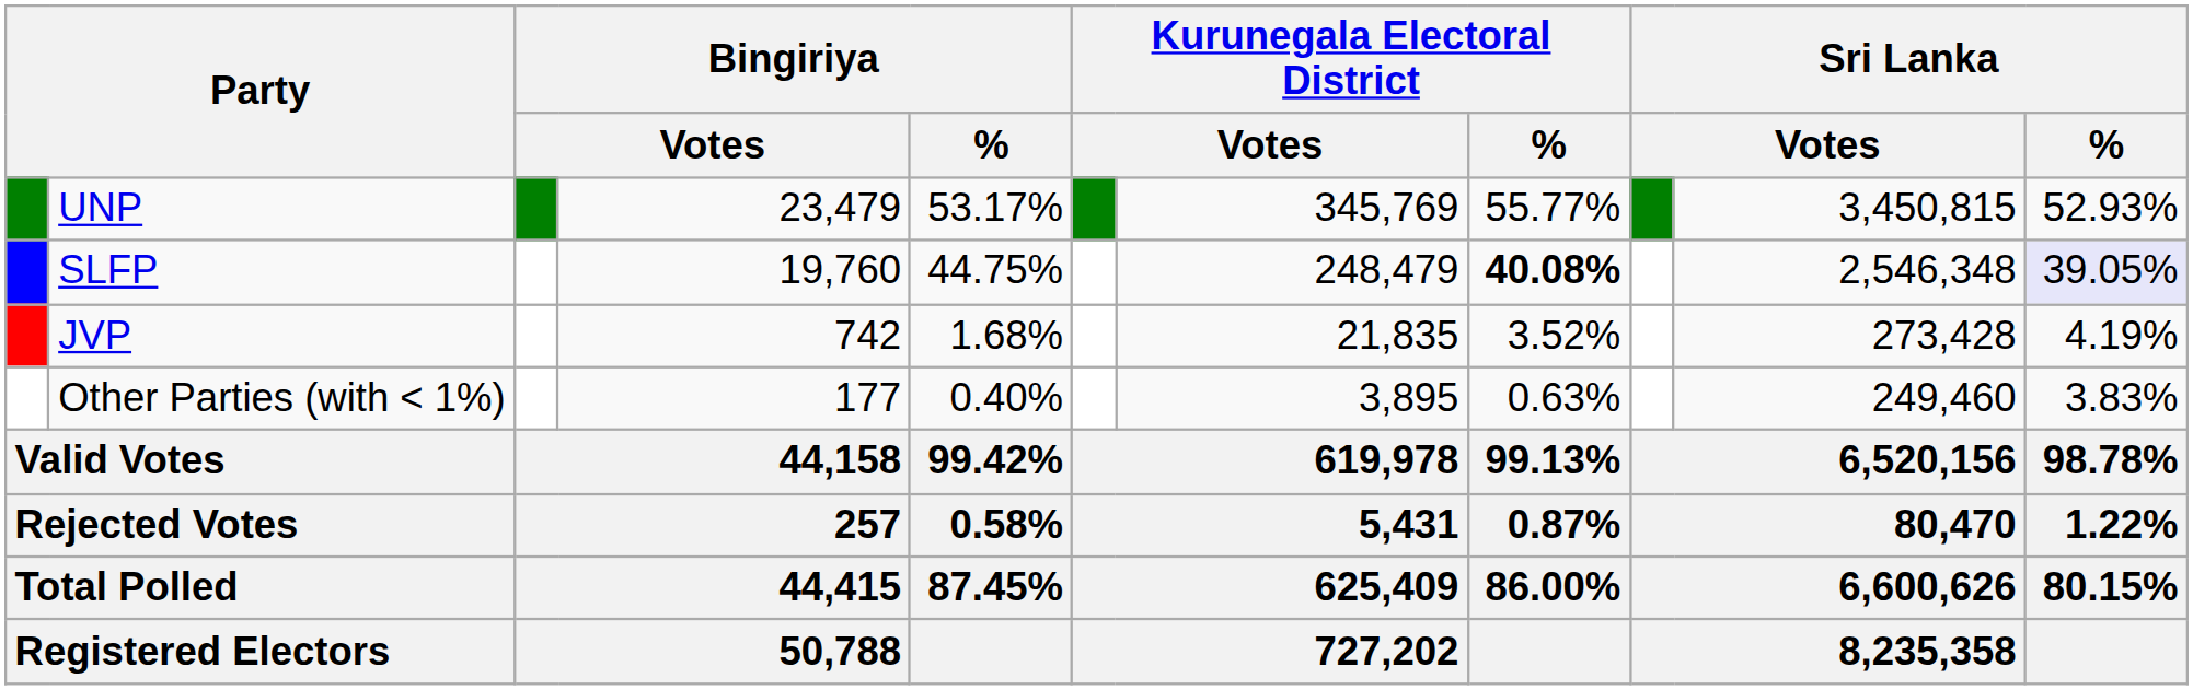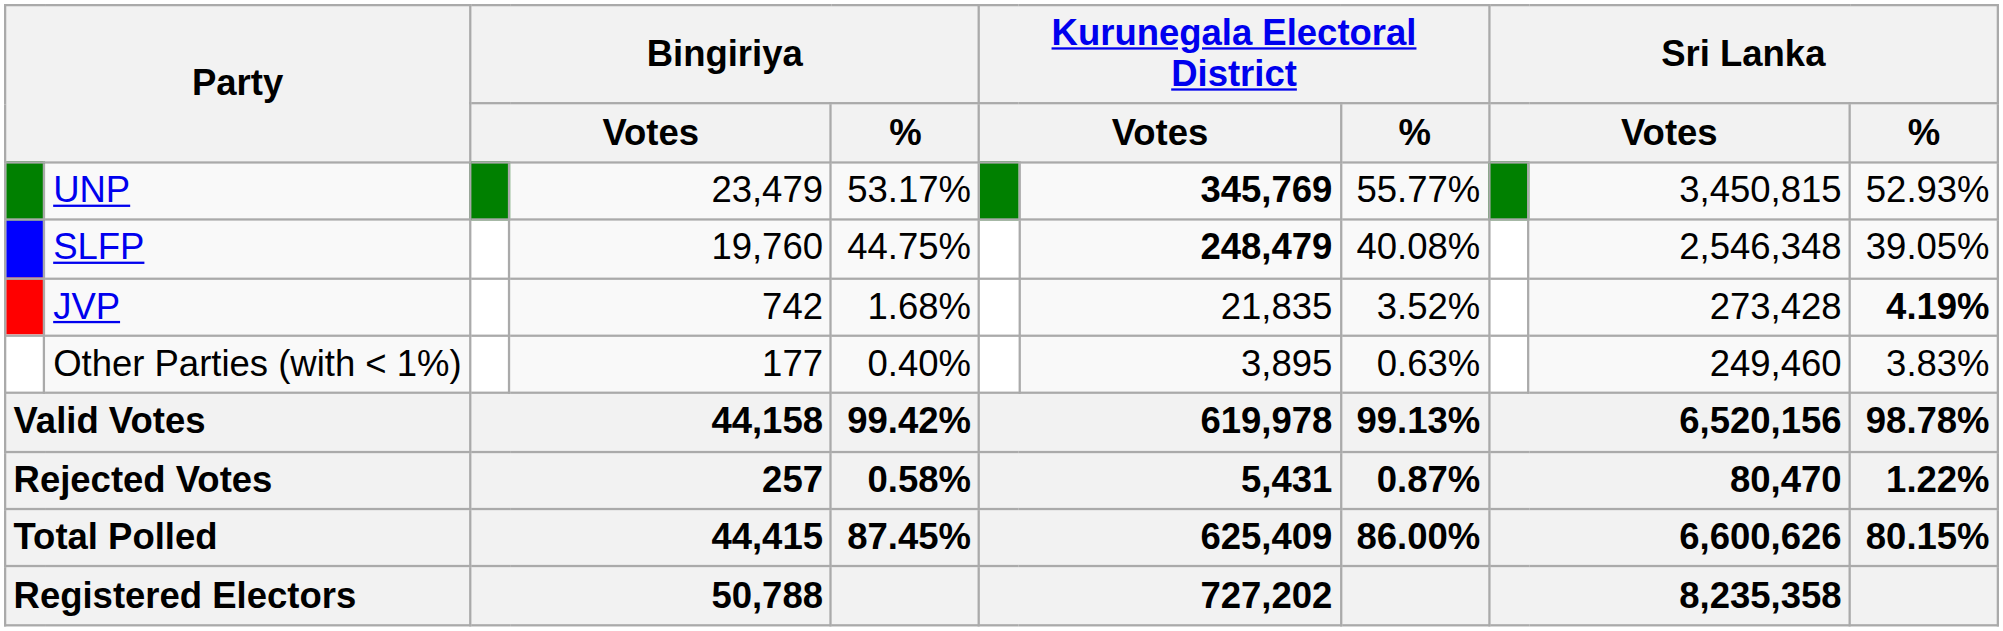 <table class="wikitable">
 <tr>
 <th colspan="2" width="144px"rowspan="2">Party</th>
 <th colspan="3" width="216px">Bingiriya</th>
 <th colspan="3" width="216px"><a href='#'>Kurunegala Electoral District</a></th>
 <th colspan="3" width="216px">Sri Lanka</th>
 </tr>
 <tr>
 <th colspan="2" width="144px">Votes</th>
 <th>%</th>
 <th colspan="2" width="144px">Votes</th>
 <th>%</th>
 <th colspan="2" width="144px">Votes</th>
 <th>%</th>
 </tr>
 <tr>
 <td style="background-color:green;" width="10px"></td>
 <td style="text-align:left;"><a href='#'>UNP</a></td>
 <td style="background-color:green;" width="10px"></td>
 <td style="text-align:right;">23,479</td>
 <td style="text-align:right;">53.17%</td>
 <td style="background-color:green;" width="10px"></td>
-<td style="text-align:right;">345,769</td>
+<td style="text-align:right;"><strong>345,769</strong></td>
 <td style="text-align:right;">55.77%</td>
 <td style="background-color:green;" width="10px"></td>
 <td style="text-align:right;">3,450,815</td>
 <td style="text-align:right;">52.93%</td>
 </tr>
 <tr>
 <td style="background-color:blue;" width="10px"></td>
 <td style="text-align:left;"><a href='#'>SLFP</a></td>
 <td style="background-color:white;" width="10px"></td>
 <td style="text-align:right;">19,760</td>
 <td style="text-align:right;">44.75%</td>
 <td style="background-color:white;" width="10px"></td>
-<td style="text-align:right;">248,479</td>
-<td style="text-align:right;"><strong>40.08%</strong></td>
+<td style="text-align:right;"><strong>248,479</strong></td>
+<td style="text-align:right;">40.08%</td>
 <td style="background-color:white;" width="10px"></td>
 <td style="text-align:right;">2,546,348</td>
-<td style="background: lavender; text-align:right;">39.05%</td>
+<td style="text-align:right;">39.05%</td>
 </tr>
 <tr>
 <td style="background-color:red;" width="10px"></td>
 <td style="text-align:left;"><a href='#'>JVP</a></td>
 <td style="background-color:white;" width="10px"></td>
 <td style="text-align:right;">742</td>
 <td style="text-align:right;">1.68%</td>
 <td style="background-color:white;" width="10px"></td>
 <td style="text-align:right;">21,835</td>
 <td style="text-align:right;">3.52%</td>
 <td style="background-color:white;" width="10px"></td>
 <td style="text-align:right;">273,428</td>
-<td style="text-align:right;">4.19%</td>
+<td style="text-align:right;"><strong>4.19%</strong></td>
 </tr>
 <tr>
 <td style="background-color:white;" width="10px"></td>
 <td style="text-align:left;">Other Parties (with < 1%)</td>
 <td style="background-color:white;" width="10px"></td>
 <td style="text-align:right;">177</td>
 <td style="text-align:right;">0.40%</td>
 <td style="background-color:white;" width="10px"></td>
 <td style="text-align:right;">3,895</td>
 <td style="text-align:right;">0.63%</td>
 <td style="background-color:white;" width="10px"></td>
 <td style="text-align:right;">249,460</td>
 <td style="text-align:right;">3.83%</td>
 </tr>
 <tr>
 <th colspan="2" width="144px"style="text-align:left;">Valid Votes</th>
 <th style="text-align:right;"colspan="2" width="144px">44,158</th>
 <th style="text-align:right;">99.42%</th>
 <th style="text-align:right;"colspan="2" width="144px">619,978</th>
 <th style="text-align:right;">99.13%</th>
 <th style="text-align:right;"colspan="2" width="144px">6,520,156</th>
 <th style="text-align:right;">98.78%</th>
 </tr>
 <tr>
 <th colspan="2" width="144px"style="text-align:left;">Rejected Votes</th>
 <th style="text-align:right;"colspan="2" width="144px">257</th>
 <th style="text-align:right;">0.58%</th>
 <th style="text-align:right;"colspan="2" width="144px">5,431</th>
 <th style="text-align:right;">0.87%</th>
 <th style="text-align:right;"colspan="2" width="144px">80,470</th>
 <th style="text-align:right;">1.22%</th>
 </tr>
 <tr>
 <th colspan="2" width="144px"style="text-align:left;">Total Polled</th>
 <th style="text-align:right;"colspan="2" width="144px">44,415</th>
 <th style="text-align:right;">87.45%</th>
 <th style="text-align:right;"colspan="2" width="144px">625,409</th>
 <th style="text-align:right;">86.00%</th>
 <th style="text-align:right;"colspan="2" width="144px">6,600,626</th>
 <th style="text-align:right;">80.15%</th>
 </tr>
 <tr>
 <th colspan="2" width="144px"style="text-align:left;">Registered Electors</th>
 <th style="text-align:right;"colspan="2" width="144px">50,788</th>
 <th></th>
 <th style="text-align:right;"colspan="2" width="144px">727,202</th>
 <th></th>
 <th style="text-align:right;"colspan="2" width="144px">8,235,358</th>
 <th></th>
 </tr>
 </table>
